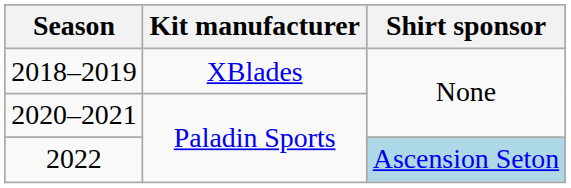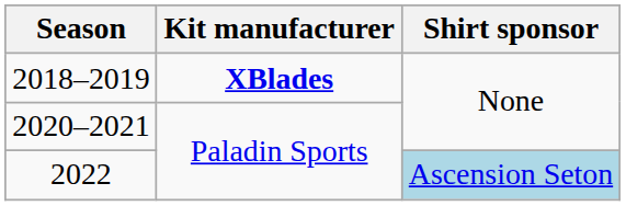 <table class="wikitable" style="text-align: center">
 <tr>
 <th>Season</th>
 <th>Kit manufacturer</th>
 <th>Shirt sponsor</th>
 </tr>
 <tr>
 <td>2018–2019</td>
-<td><a href='#'>XBlades</a></td>
+<td><strong><a href='#'>XBlades</a></strong></td>
 <td rowspan="2">None</td>
 </tr>
 <tr>
 <td>2020–2021</td>
 <td rowspan="2"><a href='#'>Paladin Sports</a></td>
 </tr>
 <tr>
 <td>2022</td>
 <td style="background: lightblue;"><a href='#'>Ascension Seton</a></td>
 </tr>
 </table>
